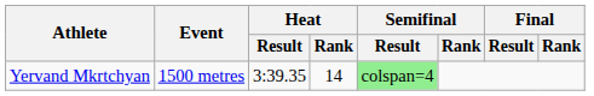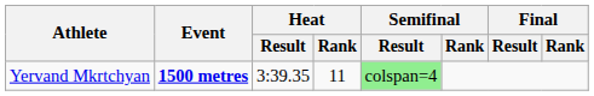 <table class="wikitable" style="font-size:90%">
 <tr>
 <th rowspan="2">Athlete</th>
 <th rowspan="2">Event</th>
 <th colspan="2">Heat</th>
 <th colspan="2">Semifinal</th>
 <th colspan="2">Final</th>
 </tr>
 <tr style="font-size:95%">
 <th>Result</th>
 <th>Rank</th>
 <th>Result</th>
 <th>Rank</th>
 <th>Result</th>
 <th>Rank</th>
 </tr>
 <tr align=center>
 <td align=left><a href='#'>Yervand Mkrtchyan</a></td>
-<td align=left><a href='#'>1500 metres</a></td>
+<td align=left><strong><a href='#'>1500 metres</a></strong></td>
 <td>3:39.35 </td>
-<td>14</td>
+<td>11</td>
 <td style="background: lightgreen;">colspan=4 </td>
 </tr>
 </table>
